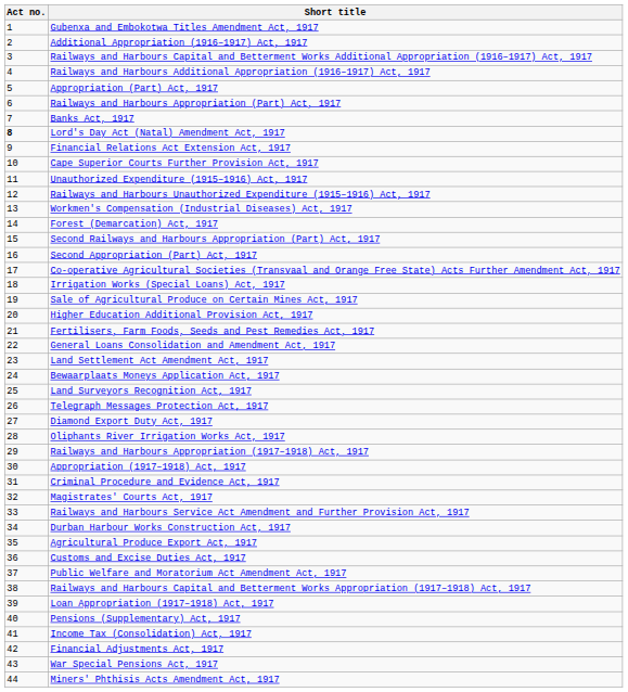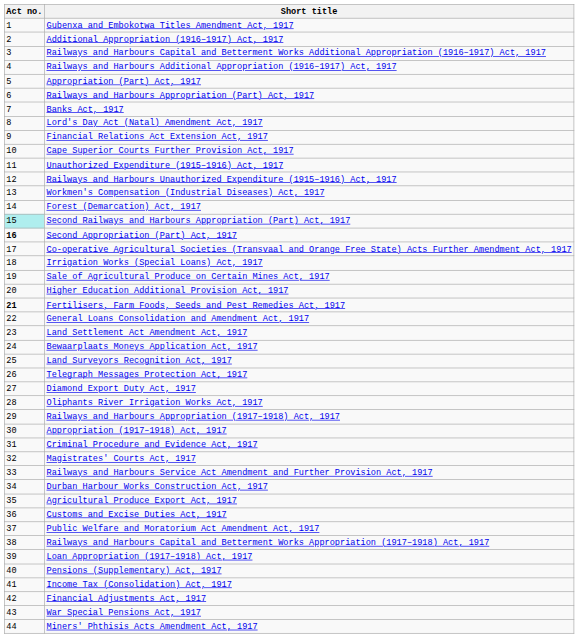 <table class="wikitable sortable">
 <tr>
 <th>Act no.</th>
 <th>Short title</th>
 </tr>
 <tr>
 <td>1</td>
 <td><a href='#'>Gubenxa and Embokotwa Titles Amendment Act, 1917</a></td>
 </tr>
 <tr>
 <td>2</td>
 <td><a href='#'>Additional Appropriation (1916–1917) Act, 1917</a></td>
 </tr>
 <tr>
 <td>3</td>
 <td><a href='#'>Railways and Harbours Capital and Betterment Works Additional Appropriation (1916–1917) Act, 1917</a></td>
 </tr>
 <tr>
 <td>4</td>
 <td><a href='#'>Railways and Harbours Additional Appropriation (1916–1917) Act, 1917</a></td>
 </tr>
 <tr>
 <td>5</td>
 <td><a href='#'>Appropriation (Part) Act, 1917</a></td>
 </tr>
 <tr>
 <td>6</td>
 <td><a href='#'>Railways and Harbours Appropriation (Part) Act, 1917</a></td>
 </tr>
 <tr>
 <td>7</td>
 <td><a href='#'>Banks Act, 1917</a></td>
 </tr>
 <tr>
-<td><strong>8</strong></td>
+<td>8</td>
 <td><a href='#'>Lord's Day Act (Natal) Amendment Act, 1917</a></td>
 </tr>
 <tr>
 <td>9</td>
 <td><a href='#'>Financial Relations Act Extension Act, 1917</a></td>
 </tr>
 <tr>
 <td>10</td>
 <td><a href='#'>Cape Superior Courts Further Provision Act, 1917</a></td>
 </tr>
 <tr>
 <td>11</td>
 <td><a href='#'>Unauthorized Expenditure (1915–1916) Act, 1917</a></td>
 </tr>
 <tr>
 <td>12</td>
 <td><a href='#'>Railways and Harbours Unauthorized Expenditure (1915–1916) Act, 1917</a></td>
 </tr>
 <tr>
 <td>13</td>
 <td><a href='#'>Workmen's Compensation (Industrial Diseases) Act, 1917</a></td>
 </tr>
 <tr>
 <td>14</td>
 <td><a href='#'>Forest (Demarcation) Act, 1917</a></td>
 </tr>
 <tr>
-<td>15</td>
+<td style="background: paleturquoise;">15</td>
 <td><a href='#'>Second Railways and Harbours Appropriation (Part) Act, 1917</a></td>
 </tr>
 <tr>
-<td>16</td>
+<td><strong>16</strong></td>
 <td><a href='#'>Second Appropriation (Part) Act, 1917</a></td>
 </tr>
 <tr>
 <td>17</td>
 <td><a href='#'>Co-operative Agricultural Societies (Transvaal and Orange Free State) Acts Further Amendment Act, 1917</a></td>
 </tr>
 <tr>
 <td>18</td>
 <td><a href='#'>Irrigation Works (Special Loans) Act, 1917</a></td>
 </tr>
 <tr>
 <td>19</td>
 <td><a href='#'>Sale of Agricultural Produce on Certain Mines Act, 1917</a></td>
 </tr>
 <tr>
 <td>20</td>
 <td><a href='#'>Higher Education Additional Provision Act, 1917</a></td>
 </tr>
 <tr>
-<td>21</td>
+<td><strong>21</strong></td>
 <td><a href='#'>Fertilisers, Farm Foods, Seeds and Pest Remedies Act, 1917</a></td>
 </tr>
 <tr>
 <td>22</td>
 <td><a href='#'>General Loans Consolidation and Amendment Act, 1917</a></td>
 </tr>
 <tr>
 <td>23</td>
 <td><a href='#'>Land Settlement Act Amendment Act, 1917</a></td>
 </tr>
 <tr>
 <td>24</td>
 <td><a href='#'>Bewaarplaats Moneys Application Act, 1917</a></td>
 </tr>
 <tr>
 <td>25</td>
 <td><a href='#'>Land Surveyors Recognition Act, 1917</a></td>
 </tr>
 <tr>
 <td>26</td>
 <td><a href='#'>Telegraph Messages Protection Act, 1917</a></td>
 </tr>
 <tr>
 <td>27</td>
 <td><a href='#'>Diamond Export Duty Act, 1917</a></td>
 </tr>
 <tr>
 <td>28</td>
 <td><a href='#'>Oliphants River Irrigation Works Act, 1917</a></td>
 </tr>
 <tr>
 <td>29</td>
 <td><a href='#'>Railways and Harbours Appropriation (1917–1918) Act, 1917</a></td>
 </tr>
 <tr>
 <td>30</td>
 <td><a href='#'>Appropriation (1917–1918) Act, 1917</a></td>
 </tr>
 <tr>
 <td>31</td>
 <td><a href='#'>Criminal Procedure and Evidence Act, 1917</a></td>
 </tr>
 <tr>
 <td>32</td>
 <td><a href='#'>Magistrates' Courts Act, 1917</a></td>
 </tr>
 <tr>
 <td>33</td>
 <td><a href='#'>Railways and Harbours Service Act Amendment and Further Provision Act, 1917</a></td>
 </tr>
 <tr>
 <td>34</td>
 <td><a href='#'>Durban Harbour Works Construction Act, 1917</a></td>
 </tr>
 <tr>
 <td>35</td>
 <td><a href='#'>Agricultural Produce Export Act, 1917</a></td>
 </tr>
 <tr>
 <td>36</td>
 <td><a href='#'>Customs and Excise Duties Act, 1917</a></td>
 </tr>
 <tr>
 <td>37</td>
 <td><a href='#'>Public Welfare and Moratorium Act Amendment Act, 1917</a></td>
 </tr>
 <tr>
 <td>38</td>
 <td><a href='#'>Railways and Harbours Capital and Betterment Works Appropriation (1917–1918) Act, 1917</a></td>
 </tr>
 <tr>
 <td>39</td>
 <td><a href='#'>Loan Appropriation (1917–1918) Act, 1917</a></td>
 </tr>
 <tr>
 <td>40</td>
 <td><a href='#'>Pensions (Supplementary) Act, 1917</a></td>
 </tr>
 <tr>
 <td>41</td>
 <td><a href='#'>Income Tax (Consolidation) Act, 1917</a></td>
 </tr>
 <tr>
 <td>42</td>
 <td><a href='#'>Financial Adjustments Act, 1917</a></td>
 </tr>
 <tr>
 <td>43</td>
 <td><a href='#'>War Special Pensions Act, 1917</a></td>
 </tr>
 <tr>
 <td>44</td>
 <td><a href='#'>Miners' Phthisis Acts Amendment Act, 1917</a></td>
 </tr>
 </table>
